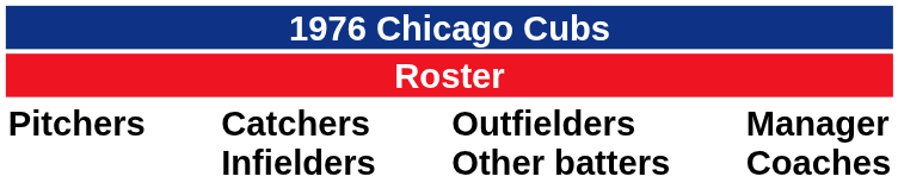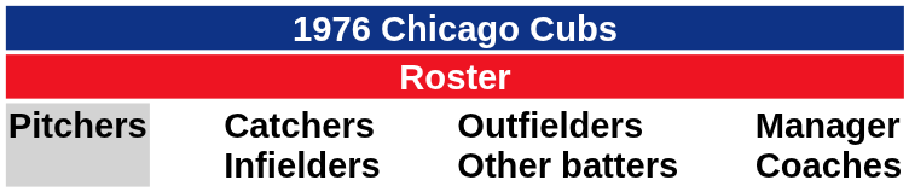 <table class="toccolours" style="font-size: 95%;">
 <tr>
 <th colspan="10" style="background-color: #0e3386; color: white; text-align: center;">1976 Chicago Cubs</th>
 </tr>
 <tr>
 <td colspan="10" style="background-color: #EE1422; color: white; text-align: center;"><strong>Roster</strong></td>
 </tr>
 <tr>
-<td valign="top"><strong>Pitchers</strong><br>                 </td>
+<td valign="top" style="background: lightgrey;"><strong>Pitchers</strong><br>                 </td>
 <td width="25px"></td>
 <td valign="top"><strong>Catchers</strong><br>    <strong>Infielders</strong>         </td>
 <td width="25px"></td>
 <td valign="top"><strong>Outfielders</strong><br>       <strong>Other batters</strong> </td>
 <td width="25px"></td>
 <td valign="top"><strong>Manager</strong><br> <strong>Coaches</strong>    </td>
 </tr>
 <tr>
 </tr>
 </table>
